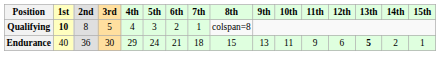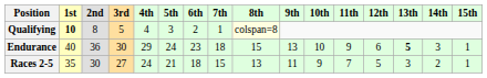 <table class="wikitable" style="font-size:85%; text-align:center">
 <tr>
 <th>Position</th>
 <td style="background:#ffffbf;"> <strong>1st</strong> </td>
 <td style="background:#dfdfdf;"> <strong>2nd</strong> </td>
 <td style="background:#ffdf9f;"> <strong>3rd</strong> </td>
 <td style="background:#dfffdf;"> <strong>4th</strong> </td>
 <td style="background:#dfffdf;"> <strong>5th</strong> </td>
 <td style="background:#dfffdf;"> <strong>6th</strong> </td>
 <td style="background:#dfffdf;"> <strong>7th</strong> </td>
 <td style="background:#dfffdf;"> <strong>8th</strong> </td>
 <td style="background:#dfffdf;"> <strong>9th</strong> </td>
 <td style="background:#dfffdf;"> <strong>10th</strong> </td>
 <td style="background:#dfffdf;"> <strong>11th</strong> </td>
 <td style="background:#dfffdf;"> <strong>12th</strong> </td>
 <td style="background:#dfffdf;"> <strong>13th</strong> </td>
 <td style="background:#dfffdf;"> <strong>14th</strong> </td>
 <td style="background:#dfffdf;"> <strong>15th</strong> </td>
 </tr>
 <tr>
 <th>Qualifying</th>
 <td style="background:#ffffbf;"><strong>10</strong></td>
 <td style="background:#dfdfdf;">8</td>
 <td style="background:#ffdf9f;">5</td>
 <td style="background:#dfffdf;">4</td>
 <td style="background:#dfffdf;">3</td>
 <td style="background:#dfffdf;">2</td>
 <td style="background:#dfffdf;">1</td>
-<td>colspan=8 </td>
+<td style="background: lightyellow;">colspan=8 </td>
 </tr>
 <tr>
 <th>Endurance</th>
 <td style="background:#ffffbf;">40</td>
 <td style="background:#dfdfdf;">36</td>
 <td style="background:#ffdf9f;">30</td>
 <td style="background:#dfffdf;">29</td>
 <td style="background:#dfffdf;">24</td>
+<td style="background:#dfffdf;">23</td>
+<td style="background:#dfffdf;">18</td>
+<td style="background:#dfffdf;">15</td>
+<td style="background:#dfffdf;">13</td>
+<td style="background:#dfffdf;">10</td>
+<td style="background:#dfffdf;">9</td>
+<td style="background:#dfffdf;">6</td>
+<td style="background:#dfffdf;"><strong>5</strong></td>
+<td style="background:#dfffdf;">3</td>
+<td style="background:#dfffdf;">1</td>
+</tr>
+<tr>
+<th>Races 2-5</th>
+<td style="background:#ffffbf;">35</td>
+<td style="background:#dfdfdf;">30</td>
+<td style="background:#ffdf9f;">27</td>
+<td style="background:#dfffdf;">24</td>
 <td style="background:#dfffdf;">21</td>
 <td style="background:#dfffdf;">18</td>
 <td style="background:#dfffdf;">15</td>
 <td style="background:#dfffdf;">13</td>
 <td style="background:#dfffdf;">11</td>
 <td style="background:#dfffdf;">9</td>
-<td style="background:#dfffdf;">6</td>
-<td style="background:#dfffdf;"><strong>5</strong></td>
+<td style="background:#dfffdf;">7</td>
+<td style="background:#dfffdf;">5</td>
+<td style="background:#dfffdf;">3</td>
 <td style="background:#dfffdf;">2</td>
 <td style="background:#dfffdf;">1</td>
 </tr>
 </table>
